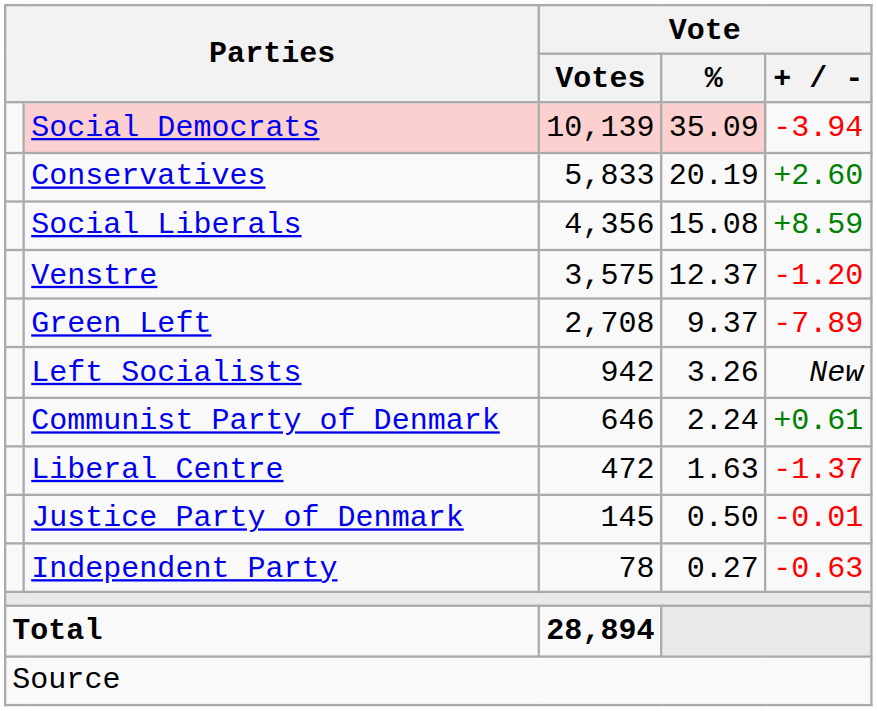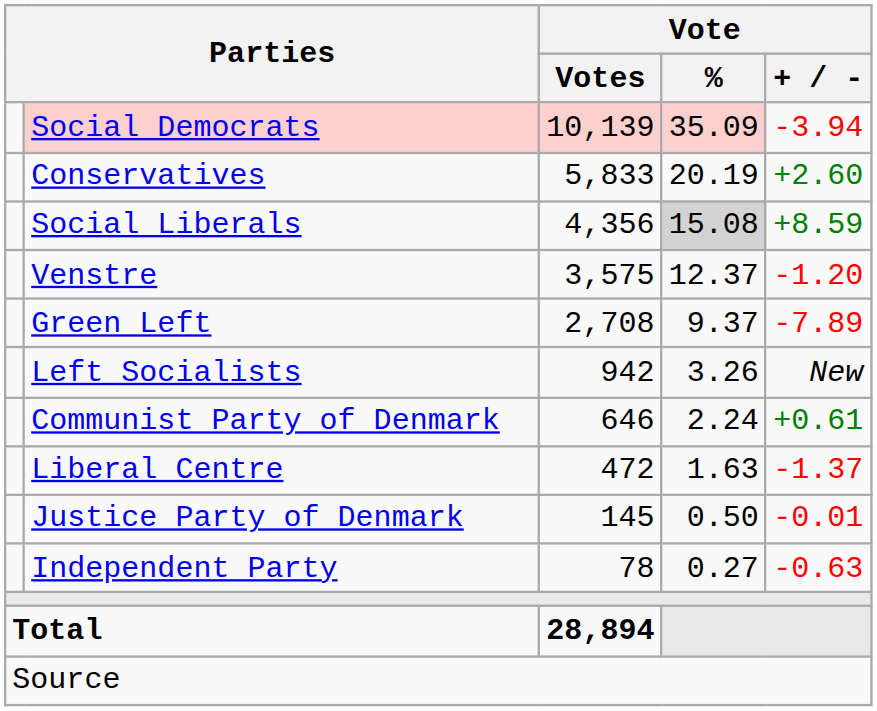 <table class="wikitable" style="text-align:right;">
 <tr>
 <th style="text-align:centre;" rowspan="2" colspan="2" width="225">Parties</th>
 <th colspan="3">Vote</th>
 </tr>
 <tr>
 <th width="15">Votes</th>
 <th width="15">%</th>
 <th width="15">+ / -</th>
 </tr>
 <tr>
 <td width="2" style="color:inherit;background:"></td>
 <td bgcolor=#fbd0ce  align="left"><a href='#'>Social Democrats</a></td>
 <td bgcolor=#fbd0ce>10,139</td>
 <td bgcolor=#fbd0ce>35.09</td>
 <td style=color:red;>-3.94</td>
 </tr>
 <tr>
 <td width="2" style="color:inherit;background:"></td>
 <td align="left"><a href='#'>Conservatives</a></td>
 <td>5,833</td>
 <td>20.19</td>
 <td style=color:green;>+2.60</td>
 </tr>
 <tr>
 <td width="2" style="color:inherit;background:"></td>
 <td align="left"><a href='#'>Social Liberals</a></td>
 <td>4,356</td>
-<td>15.08</td>
+<td style="background: lightgrey;">15.08</td>
 <td style=color:green;>+8.59</td>
 </tr>
 <tr>
 <td width="2" style="color:inherit;background:"></td>
 <td align="left"><a href='#'>Venstre</a></td>
 <td>3,575</td>
 <td>12.37</td>
 <td style=color:red;>-1.20</td>
 </tr>
 <tr>
 <td width="2" style="color:inherit;background:"></td>
 <td align="left"><a href='#'>Green Left</a></td>
 <td>2,708</td>
 <td>9.37</td>
 <td style=color:red;>-7.89</td>
 </tr>
 <tr>
 <td width="2" style="color:inherit;background:"></td>
 <td align="left"><a href='#'>Left Socialists</a></td>
 <td>942</td>
 <td>3.26</td>
 <td><em>New</em></td>
 </tr>
 <tr>
 <td width="2" style="color:inherit;background:"></td>
 <td align="left"><a href='#'>Communist Party of Denmark</a></td>
 <td>646</td>
 <td>2.24</td>
 <td style=color:green;>+0.61</td>
 </tr>
 <tr>
 <td width="2" style="color:inherit;background:"></td>
 <td align="left"><a href='#'>Liberal Centre</a></td>
 <td>472</td>
 <td>1.63</td>
 <td style=color:red;>-1.37</td>
 </tr>
 <tr>
 <td width="2" style="color:inherit;background:"></td>
 <td align="left"><a href='#'>Justice Party of Denmark</a></td>
 <td>145</td>
 <td>0.50</td>
 <td style=color:red;>-0.01</td>
 </tr>
 <tr>
 <td width="2" style="color:inherit;background:"></td>
 <td align="left"><a href='#'>Independent Party</a></td>
 <td>78</td>
 <td>0.27</td>
 <td style=color:red;>-0.63</td>
 </tr>
 <tr>
 <td colspan="7" bgcolor="#E9E9E9"></td>
 </tr>
 <tr>
 <td align="left" colspan="2"><strong>Total</strong></td>
 <td><strong>28,894</strong></td>
 <td bgcolor="#E9E9E9" colspan="2"></td>
 </tr>
 <tr>
 <td align="left" colspan="6">Source</td>
 </tr>
 </table>
